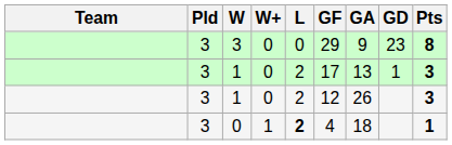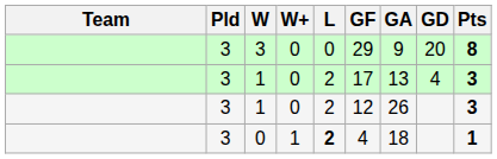 <table class="wikitable" style="text-align: center">
 <tr>
 <th width=165>Team</th>
 <th width=20>Pld</th>
 <th width=20>W</th>
 <th width=20>W+</th>
 <th width=20>L</th>
 <th width=20>GF</th>
 <th width=20>GA</th>
 <th width=20>GD</th>
 <th width=20>Pts</th>
 </tr>
 <tr style="text-align:center; background:#cfc;">
 <td style="text-align:left;"></td>
 <td>3</td>
 <td>3</td>
 <td>0</td>
 <td>0</td>
 <td>29</td>
 <td>9</td>
-<td>23</td>
+<td>20</td>
 <td><strong>8</strong></td>
 </tr>
 <tr style="text-align:center; background:#cfc;">
 <td style="text-align:left;"></td>
 <td>3</td>
 <td>1</td>
 <td>0</td>
 <td>2</td>
 <td>17</td>
 <td>13</td>
-<td>1</td>
+<td>4</td>
 <td><strong>3</strong></td>
 </tr>
 <tr style="text-align:center; background:#f5f5f5;">
 <td style="text-align:left;"></td>
 <td>3</td>
 <td>1</td>
 <td>0</td>
 <td>2</td>
 <td>12</td>
 <td>26</td>
 <td></td>
 <td><strong>3</strong></td>
 </tr>
 <tr style="text-align:center; background:#f5f5f5;">
 <td style="text-align:left;"></td>
 <td>3</td>
 <td>0</td>
 <td>1</td>
 <td><strong>2</strong></td>
 <td>4</td>
 <td>18</td>
 <td></td>
 <td><strong>1</strong></td>
 </tr>
 </table>
